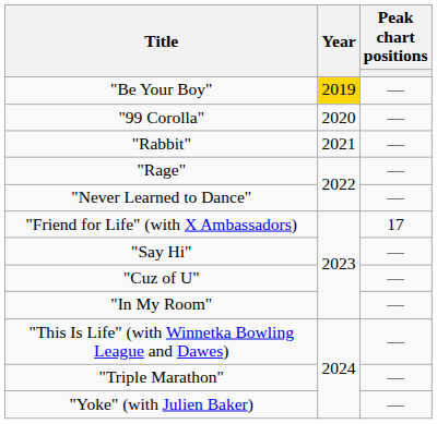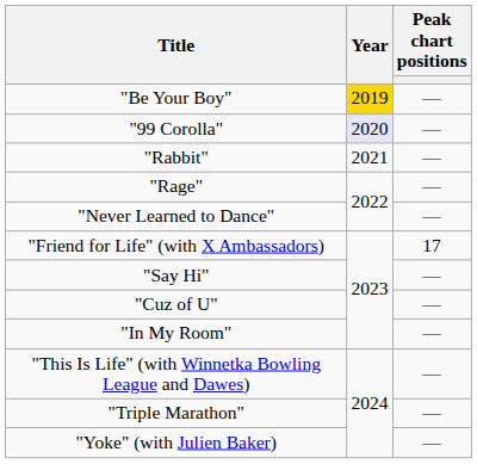 <table class="wikitable plainrowheaders" style="text-align:center; border:1">
 <tr>
 <th scope="col" rowspan="2" style="width:18em;">Title</th>
 <th scope="col" rowspan="2">Year</th>
 <th scope="col" colspan="1">Peak chart positions</th>
 </tr>
 <tr>
 <th scope="col" style="width:3em;font-size:90%;"><a href='#'></a></th>
 </tr>
 <tr>
 <td scope="row">"Be Your Boy"</td>
 <td style="background: gold;">2019</td>
 <td>—</td>
 </tr>
 <tr>
 <td scope="row">"99 Corolla"</td>
-<td>2020</td>
+<td style="background: lavender;">2020</td>
 <td>—</td>
 </tr>
 <tr>
 <td scope="row">"Rabbit"</td>
 <td>2021</td>
 <td>—</td>
 </tr>
 <tr>
 <td scope="row">"Rage"</td>
 <td rowspan="2">2022</td>
 <td>—</td>
 </tr>
 <tr>
 <td scope="row">"Never Learned to Dance"</td>
 <td>—</td>
 </tr>
 <tr>
 <td scope="row">"Friend for Life" (with <a href='#'>X Ambassadors</a>)</td>
 <td rowspan="4">2023</td>
 <td>17</td>
 </tr>
 <tr>
 <td scope="row">"Say Hi"</td>
 <td>—</td>
 </tr>
 <tr>
 <td scope="row">"Cuz of U"</td>
 <td>—</td>
 </tr>
 <tr>
 <td scope="row">"In My Room"</td>
 <td>—</td>
 </tr>
 <tr>
 <td>"This Is Life" (with <a href='#'>Winnetka Bowling League</a> and <a href='#'>Dawes</a>)</td>
 <td rowspan="3">2024</td>
 <td>—</td>
 </tr>
 <tr>
 <td>"Triple Marathon"</td>
 <td>—</td>
 </tr>
 <tr>
 <td>"Yoke" (with <a href='#'>Julien Baker</a>)</td>
 <td>—</td>
 </tr>
 </table>
